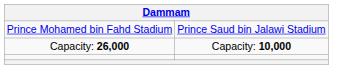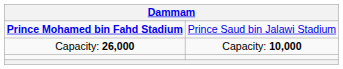 <table class="wikitable" style="text-align:center">
 <tr>
 <th colspan=2><a href='#'>Dammam</a></th>
 </tr>
 <tr>
-<td><a href='#'>Prince Mohamed bin Fahd Stadium</a></td>
+<td><strong><a href='#'>Prince Mohamed bin Fahd Stadium</a></strong></td>
 <td><a href='#'>Prince Saud bin Jalawi Stadium</a></td>
 </tr>
 <tr>
 <td>Capacity: <strong>26,000</strong></td>
 <td>Capacity: <strong>10,000</strong></td>
 </tr>
 <tr>
 <td></td>
 <td></td>
 </tr>
 <tr>
 <th colspan="2"></th>
 </tr>
 </table>
